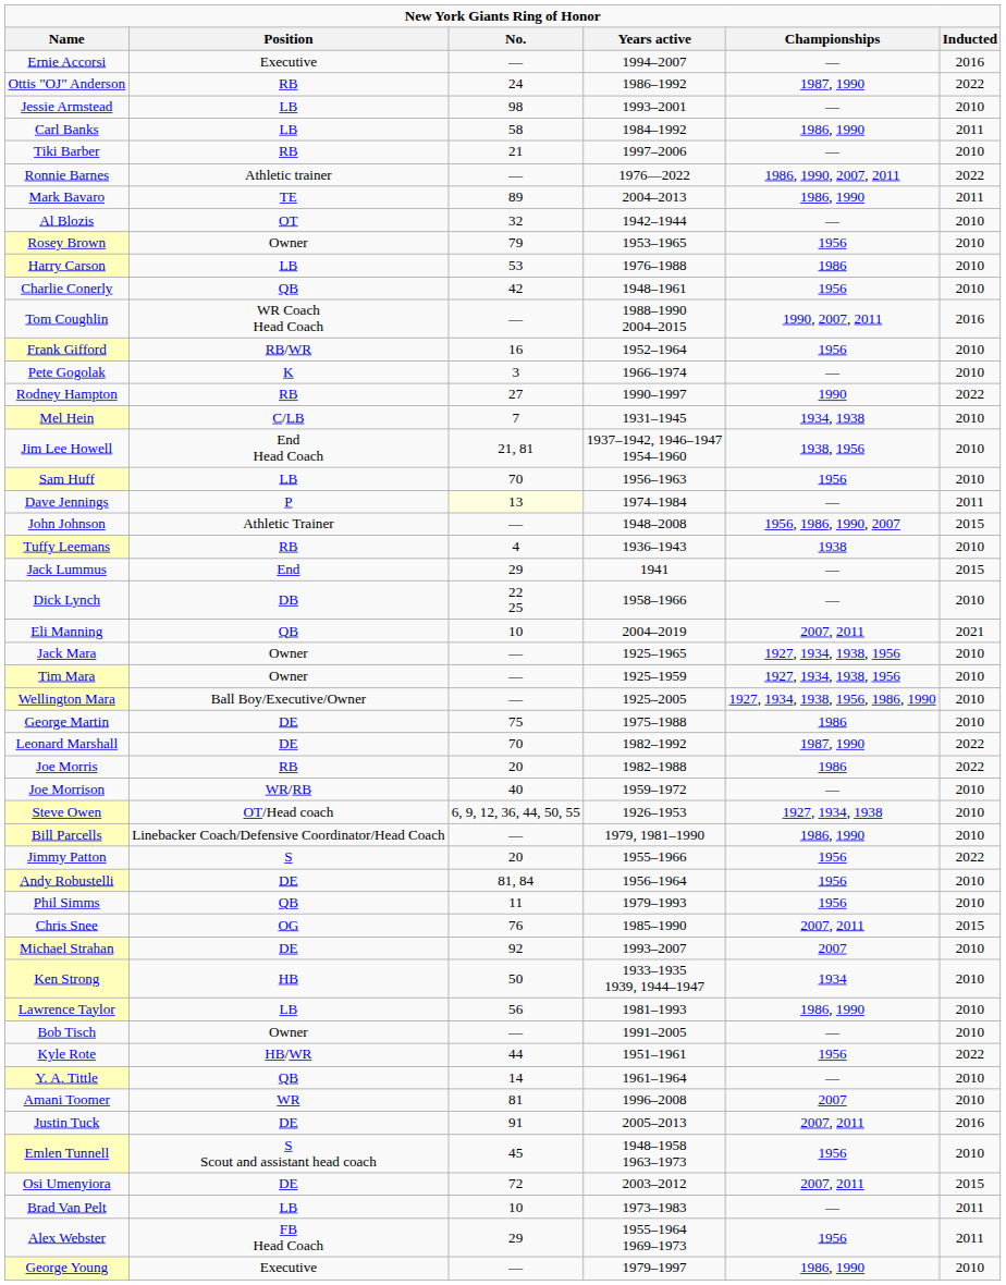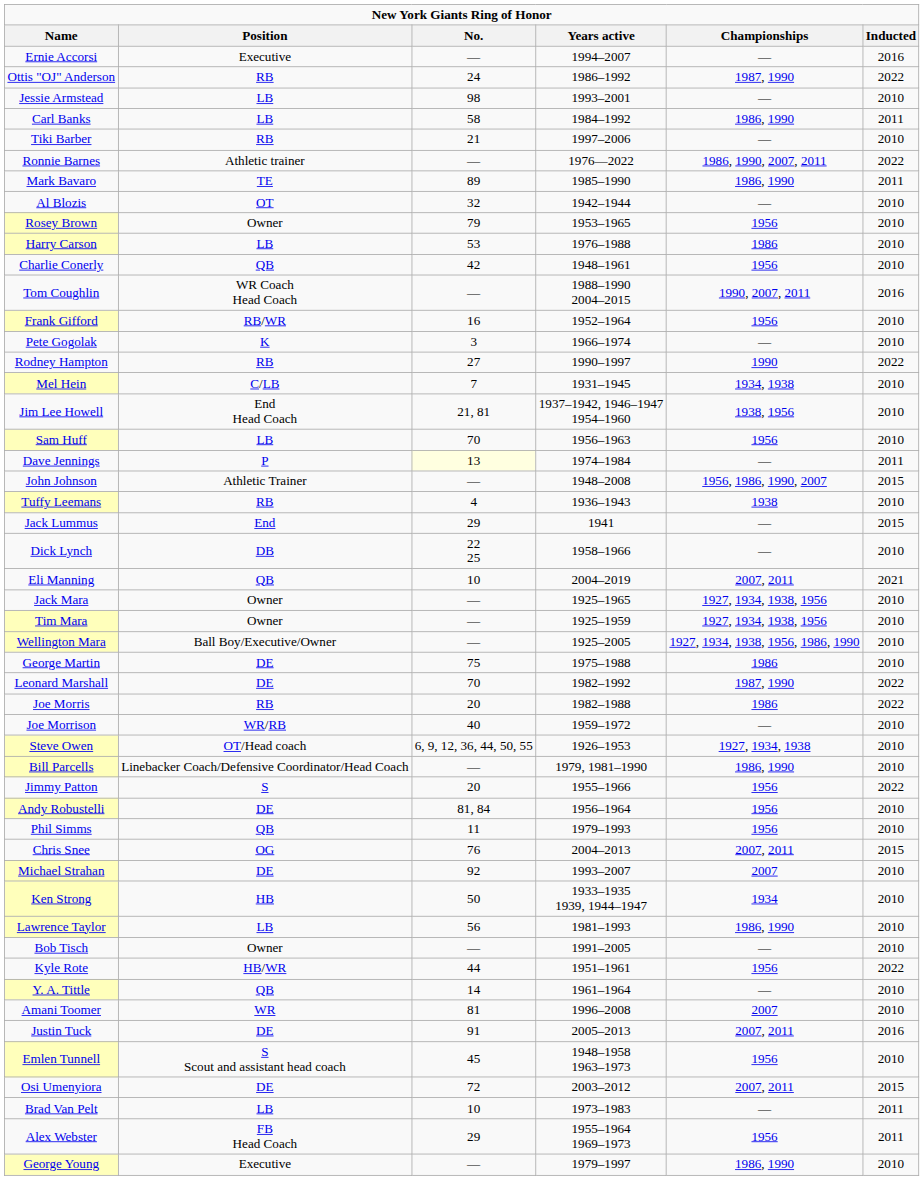 <table class="wikitable" style="text-align:center">
 <tr>
 <td align="center" colspan="6"><strong>New York Giants Ring of Honor</strong></td>
 </tr>
 <tr>
 <th>Name</th>
 <th>Position</th>
 <th>No.</th>
 <th>Years active</th>
 <th>Championships</th>
 <th>Inducted</th>
 </tr>
 <tr>
 <td><a href='#'>Ernie Accorsi</a></td>
 <td>Executive</td>
 <td align=center>—</td>
 <td>1994–2007</td>
 <td>—</td>
 <td align=center>2016</td>
 </tr>
 <tr>
 <td><a href='#'>Ottis "OJ" Anderson</a></td>
 <td><a href='#'>RB</a></td>
 <td>24</td>
 <td>1986–1992</td>
 <td><a href='#'>1987</a>, <a href='#'>1990</a></td>
 <td>2022</td>
 </tr>
 <tr>
 <td><a href='#'>Jessie Armstead</a></td>
 <td><a href='#'>LB</a></td>
 <td align=center>98</td>
 <td>1993–2001</td>
 <td>—</td>
 <td align=center>2010</td>
 </tr>
 <tr>
 <td><a href='#'>Carl Banks</a></td>
 <td><a href='#'>LB</a></td>
 <td align=center>58</td>
 <td>1984–1992</td>
 <td><a href='#'>1986</a>, <a href='#'>1990</a></td>
 <td align=center>2011</td>
 </tr>
 <tr>
 <td><a href='#'>Tiki Barber</a></td>
 <td><a href='#'>RB</a></td>
 <td align=center>21</td>
 <td>1997–2006</td>
 <td>—</td>
 <td align=center>2010</td>
 </tr>
 <tr>
 <td><a href='#'>Ronnie Barnes</a></td>
 <td>Athletic trainer</td>
 <td align=center>—</td>
 <td>1976—2022</td>
 <td><a href='#'>1986</a>, <a href='#'>1990</a>, <a href='#'>2007</a>, <a href='#'>2011</a></td>
 <td align=center>2022</td>
 </tr>
 <tr>
 <td><a href='#'>Mark Bavaro</a></td>
 <td><a href='#'>TE</a></td>
 <td align=center>89</td>
-<td>2004–2013</td>
+<td>1985–1990</td>
 <td><a href='#'>1986</a>, <a href='#'>1990</a></td>
 <td align=center>2011</td>
 </tr>
 <tr>
 <td><a href='#'>Al Blozis</a></td>
 <td><a href='#'>OT</a></td>
 <td align=center>32</td>
 <td>1942–1944</td>
 <td>—</td>
 <td align=center>2010</td>
 </tr>
 <tr>
 <td style="background:#ffb"><a href='#'>Rosey Brown</a></td>
 <td>Owner</td>
 <td align=center>79</td>
 <td>1953–1965</td>
 <td><a href='#'>1956</a></td>
 <td align=center>2010</td>
 </tr>
 <tr>
 <td style="background:#ffb"><a href='#'>Harry Carson</a></td>
 <td><a href='#'>LB</a></td>
 <td align=center>53</td>
 <td>1976–1988</td>
 <td><a href='#'>1986</a></td>
 <td align=center>2010</td>
 </tr>
 <tr>
 <td><a href='#'>Charlie Conerly</a></td>
 <td><a href='#'>QB</a></td>
 <td align=center>42</td>
 <td>1948–1961</td>
 <td><a href='#'>1956</a></td>
 <td align=center>2010</td>
 </tr>
 <tr>
 <td><a href='#'>Tom Coughlin</a></td>
 <td>WR Coach<br>Head Coach</td>
 <td align=center>—</td>
 <td>1988–1990<br>2004–2015</td>
 <td><a href='#'>1990</a>, <a href='#'>2007</a>, <a href='#'>2011</a></td>
 <td align=center>2016</td>
 </tr>
 <tr>
 <td style="background:#ffb"><a href='#'>Frank Gifford</a></td>
 <td><a href='#'>RB</a>/<a href='#'>WR</a></td>
 <td align=center>16</td>
 <td>1952–1964</td>
 <td><a href='#'>1956</a></td>
 <td align=center>2010</td>
 </tr>
 <tr>
 <td><a href='#'>Pete Gogolak</a></td>
 <td><a href='#'>K</a></td>
 <td align=center>3</td>
 <td>1966–1974</td>
 <td>—</td>
 <td align=center>2010</td>
 </tr>
 <tr>
 <td><a href='#'>Rodney Hampton</a></td>
 <td><a href='#'>RB</a></td>
 <td align=center>27</td>
 <td>1990–1997</td>
 <td><a href='#'>1990</a></td>
 <td align=center>2022</td>
 </tr>
 <tr>
 <td style="background:#ffb"><a href='#'>Mel Hein</a></td>
 <td><a href='#'>C</a>/<a href='#'>LB</a></td>
 <td align=center>7</td>
 <td>1931–1945</td>
 <td><a href='#'>1934</a>, <a href='#'>1938</a></td>
 <td align=center>2010</td>
 </tr>
 <tr>
 <td><a href='#'>Jim Lee Howell</a></td>
 <td>End<br>Head Coach</td>
 <td align=center>21, 81</td>
 <td>1937–1942, 1946–1947<br>1954–1960</td>
 <td><a href='#'>1938</a>, <a href='#'>1956</a></td>
 <td align=center>2010</td>
 </tr>
 <tr>
 <td style="background:#ffb"><a href='#'>Sam Huff</a></td>
 <td><a href='#'>LB</a></td>
 <td align=center>70</td>
 <td>1956–1963</td>
 <td><a href='#'>1956</a></td>
 <td align=center>2010</td>
 </tr>
 <tr>
 <td><a href='#'>Dave Jennings</a></td>
 <td><a href='#'>P</a></td>
 <td align=center style="background: lightyellow;">13</td>
 <td>1974–1984</td>
 <td>—</td>
 <td align=center>2011</td>
 </tr>
 <tr>
 <td><a href='#'>John Johnson</a></td>
 <td>Athletic Trainer</td>
 <td align=center>—</td>
 <td>1948–2008</td>
 <td><a href='#'>1956</a>, <a href='#'>1986</a>, <a href='#'>1990</a>, <a href='#'>2007</a></td>
 <td align=center>2015</td>
 </tr>
 <tr>
 <td style="background:#ffb"><a href='#'>Tuffy Leemans</a></td>
 <td><a href='#'>RB</a></td>
 <td align=center>4</td>
 <td>1936–1943</td>
 <td><a href='#'>1938</a></td>
 <td align=center>2010</td>
 </tr>
 <tr>
 <td><a href='#'>Jack Lummus</a></td>
 <td><a href='#'>End</a></td>
 <td align=center>29</td>
 <td>1941</td>
 <td>—</td>
 <td align=center>2015</td>
 </tr>
 <tr>
 <td><a href='#'>Dick Lynch</a></td>
 <td><a href='#'>DB</a></td>
 <td align=center>22<br>25</td>
 <td>1958–1966</td>
 <td>—</td>
 <td align=center>2010</td>
 </tr>
 <tr>
 <td><a href='#'>Eli Manning</a></td>
 <td><a href='#'>QB</a></td>
 <td align=center>10</td>
 <td>2004–2019</td>
 <td><a href='#'>2007</a>, <a href='#'>2011</a></td>
 <td align=center>2021</td>
 </tr>
 <tr>
 <td><a href='#'>Jack Mara</a></td>
 <td>Owner</td>
 <td align=center>—</td>
 <td>1925–1965</td>
 <td><a href='#'>1927</a>, <a href='#'>1934</a>, <a href='#'>1938</a>, <a href='#'>1956</a></td>
 <td align=center>2010</td>
 </tr>
 <tr>
 <td style="background:#ffb"><a href='#'>Tim Mara</a></td>
 <td>Owner</td>
 <td align=center>—</td>
 <td>1925–1959</td>
 <td><a href='#'>1927</a>, <a href='#'>1934</a>, <a href='#'>1938</a>, <a href='#'>1956</a></td>
 <td align=center>2010</td>
 </tr>
 <tr>
 <td style="background:#ffb"><a href='#'>Wellington Mara</a></td>
 <td>Ball Boy/Executive/Owner</td>
 <td align=center>—</td>
 <td>1925–2005</td>
 <td><a href='#'>1927</a>, <a href='#'>1934</a>, <a href='#'>1938</a>, <a href='#'>1956</a>, <a href='#'>1986</a>, <a href='#'>1990</a></td>
 <td align=center>2010</td>
 </tr>
 <tr>
 <td><a href='#'>George Martin</a></td>
 <td><a href='#'>DE</a></td>
 <td align=center>75</td>
 <td>1975–1988</td>
 <td><a href='#'>1986</a></td>
 <td align=center>2010</td>
 </tr>
 <tr>
 <td><a href='#'>Leonard Marshall</a></td>
 <td><a href='#'>DE</a></td>
 <td>70</td>
 <td>1982–1992</td>
 <td><a href='#'>1987</a>, <a href='#'>1990</a></td>
 <td>2022</td>
 </tr>
 <tr>
 <td><a href='#'>Joe Morris</a></td>
 <td><a href='#'>RB</a></td>
 <td align=center>20</td>
 <td>1982–1988</td>
 <td><a href='#'>1986</a></td>
 <td align=center>2022</td>
 </tr>
 <tr>
 <td><a href='#'>Joe Morrison</a></td>
 <td><a href='#'>WR</a>/<a href='#'>RB</a></td>
 <td align=center>40</td>
 <td>1959–1972</td>
 <td>—</td>
 <td align=center>2010</td>
 </tr>
 <tr>
 <td style="background:#ffb"><a href='#'>Steve Owen</a></td>
 <td><a href='#'>OT</a>/Head coach</td>
 <td align=center>6, 9, 12, 36, 44, 50, 55</td>
 <td>1926–1953</td>
 <td><a href='#'>1927</a>, <a href='#'>1934</a>, <a href='#'>1938</a></td>
 <td align=center>2010</td>
 </tr>
 <tr>
 <td style="background:#ffb"><a href='#'>Bill Parcells</a></td>
 <td>Linebacker Coach/Defensive Coordinator/Head Coach</td>
 <td align=center>—</td>
 <td>1979, 1981–1990</td>
 <td><a href='#'>1986</a>, <a href='#'>1990</a></td>
 <td align=center>2010</td>
 </tr>
 <tr>
 <td><a href='#'>Jimmy Patton</a></td>
 <td><a href='#'>S</a></td>
 <td align=center>20</td>
 <td>1955–1966</td>
 <td><a href='#'>1956</a></td>
 <td align=center>2022</td>
 </tr>
 <tr>
 <td style="background:#ffb"><a href='#'>Andy Robustelli</a></td>
 <td><a href='#'>DE</a></td>
 <td align=center>81, 84</td>
 <td>1956–1964</td>
 <td><a href='#'>1956</a></td>
 <td align=center>2010</td>
 </tr>
 <tr>
 <td><a href='#'>Phil Simms</a></td>
 <td><a href='#'>QB</a></td>
 <td align=center>11</td>
 <td>1979–1993</td>
 <td><a href='#'>1956</a></td>
 <td align=center>2010</td>
 </tr>
 <tr>
 <td><a href='#'>Chris Snee</a></td>
 <td><a href='#'>OG</a></td>
 <td align=center>76</td>
-<td>1985–1990</td>
+<td>2004–2013</td>
 <td><a href='#'>2007</a>, <a href='#'>2011</a></td>
 <td align=center>2015</td>
 </tr>
 <tr>
 <td style="background:#ffb"><a href='#'>Michael Strahan</a></td>
 <td><a href='#'>DE</a></td>
 <td align=center>92</td>
 <td>1993–2007</td>
 <td><a href='#'>2007</a></td>
 <td align=center>2010</td>
 </tr>
 <tr>
 <td style="background:#ffb"><a href='#'>Ken Strong</a></td>
 <td><a href='#'>HB</a></td>
 <td align=center>50</td>
 <td>1933–1935<br>1939, 1944–1947</td>
 <td><a href='#'>1934</a></td>
 <td align=center>2010</td>
 </tr>
 <tr>
 <td style="background:#ffb"><a href='#'>Lawrence Taylor</a></td>
 <td><a href='#'>LB</a></td>
 <td align=center>56</td>
 <td>1981–1993</td>
 <td><a href='#'>1986</a>, <a href='#'>1990</a></td>
 <td align=center>2010</td>
 </tr>
 <tr>
 <td><a href='#'>Bob Tisch</a></td>
 <td>Owner</td>
 <td align=center>—</td>
 <td>1991–2005</td>
 <td>—</td>
 <td align=center>2010</td>
 </tr>
 <tr>
 <td><a href='#'>Kyle Rote</a></td>
 <td><a href='#'>HB</a>/<a href='#'>WR</a></td>
 <td align=center>44</td>
 <td>1951–1961</td>
 <td><a href='#'>1956</a></td>
 <td align=center>2022</td>
 </tr>
 <tr>
 <td style="background:#ffb"><a href='#'>Y. A. Tittle</a></td>
 <td><a href='#'>QB</a></td>
 <td align=center>14</td>
 <td>1961–1964</td>
 <td>—</td>
 <td align=center>2010</td>
 </tr>
 <tr>
 <td><a href='#'>Amani Toomer</a></td>
 <td><a href='#'>WR</a></td>
 <td align=center>81</td>
 <td>1996–2008</td>
 <td><a href='#'>2007</a></td>
 <td align=center>2010</td>
 </tr>
 <tr>
 <td><a href='#'>Justin Tuck</a></td>
 <td><a href='#'>DE</a></td>
 <td align=center>91</td>
 <td>2005–2013</td>
 <td><a href='#'>2007</a>, <a href='#'>2011</a></td>
 <td align=center>2016</td>
 </tr>
 <tr>
 <td style="background:#ffb"><a href='#'>Emlen Tunnell</a></td>
 <td><a href='#'>S</a><br>Scout and assistant head coach</td>
 <td align=center>45</td>
 <td>1948–1958<br>1963–1973</td>
 <td><a href='#'>1956</a></td>
 <td align=center>2010</td>
 </tr>
 <tr>
 <td><a href='#'>Osi Umenyiora</a></td>
 <td><a href='#'>DE</a></td>
 <td align=center>72</td>
 <td>2003–2012</td>
 <td><a href='#'>2007</a>, <a href='#'>2011</a></td>
 <td align=center>2015</td>
 </tr>
 <tr>
 <td><a href='#'>Brad Van Pelt</a></td>
 <td><a href='#'>LB</a></td>
 <td align=center>10</td>
 <td>1973–1983</td>
 <td>—</td>
 <td align=center>2011</td>
 </tr>
 <tr>
 <td><a href='#'>Alex Webster</a></td>
 <td><a href='#'>FB</a><br>Head Coach</td>
 <td align=center>29</td>
 <td>1955–1964<br>1969–1973</td>
 <td><a href='#'>1956</a></td>
 <td align=center>2011</td>
 </tr>
 <tr>
 <td style="background:#ffb"><a href='#'>George Young</a></td>
 <td>Executive</td>
 <td align=center>—</td>
 <td>1979–1997</td>
 <td><a href='#'>1986</a>, <a href='#'>1990</a></td>
 <td align=center>2010</td>
 </tr>
 </table>
